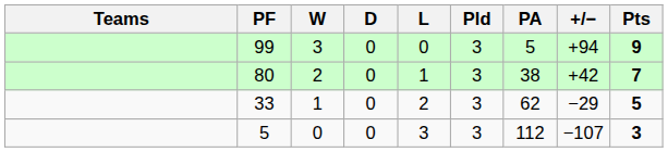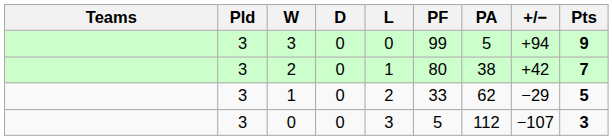 <table class="wikitable" style="text-align: center;">
 <tr>
 <th width="200">Teams</th>
-<th width="40">PF</th>
+<th width="40">Pld</th>
 <th width="40">W</th>
 <th width="40">D</th>
 <th width="40">L</th>
-<th width="40">Pld</th>
+<th width="40">PF</th>
 <th width="40">PA</th>
 <th width="40">+/−</th>
 <th width="40">Pts</th>
 </tr>
 <tr bgcolor=ccffcc>
 <td align=left></td>
-<td>99</td>
+<td>3</td>
 <td>3</td>
 <td>0</td>
 <td>0</td>
-<td>3</td>
+<td>99</td>
 <td>5</td>
 <td>+94</td>
 <td><strong>9</strong></td>
 </tr>
 <tr bgcolor=ccffcc>
 <td align=left></td>
-<td>80</td>
+<td>3</td>
 <td>2</td>
 <td>0</td>
 <td>1</td>
-<td>3</td>
+<td>80</td>
 <td>38</td>
 <td>+42</td>
 <td><strong>7</strong></td>
 </tr>
 <tr>
 <td align=left></td>
-<td>33</td>
+<td>3</td>
 <td>1</td>
 <td>0</td>
 <td>2</td>
-<td>3</td>
+<td>33</td>
 <td>62</td>
 <td>−29</td>
 <td><strong>5</strong></td>
 </tr>
 <tr>
 <td align=left></td>
-<td>5</td>
+<td>3</td>
 <td>0</td>
 <td>0</td>
 <td>3</td>
-<td>3</td>
+<td>5</td>
 <td>112</td>
 <td>−107</td>
 <td><strong>3</strong></td>
 </tr>
 </table>
